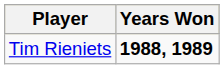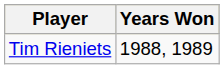 <table class="wikitable">
 <tr style="background:#bdb76b;">
 <th>Player</th>
 <th>Years Won</th>
 </tr>
 <tr>
 <td><a href='#'>Tim Rieniets</a></td>
-<td><strong>1988, 1989</strong></td>
+<td>1988, 1989</td>
 </tr>
 </table>
